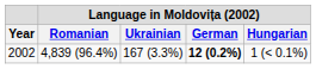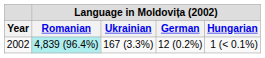 <table class="wikitable">
 <tr>
 <th style="background:#ddd;"> </th>
 <th colspan="7" style="background:#ddd;">Language in Moldovița (2002)</th>
 </tr>
 <tr style="background:#f0f0f0;">
 <th>Year</th>
 <th><a href='#'>Romanian</a></th>
 <th><a href='#'>Ukrainian</a></th>
 <th><a href='#'>German</a></th>
 <th><a href='#'>Hungarian</a></th>
 </tr>
 <tr>
 <td>2002</td>
-<td align="right">4,839 (96.4%)</td>
+<td align="right" style="background: paleturquoise;">4,839 (96.4%)</td>
 <td align="right">167 (3.3%)</td>
-<td align="right"><strong>12 (0.2%)</strong></td>
+<td align="right">12 (0.2%)</td>
 <td align="right">1 (< 0.1%)</td>
 </tr>
 </table>
